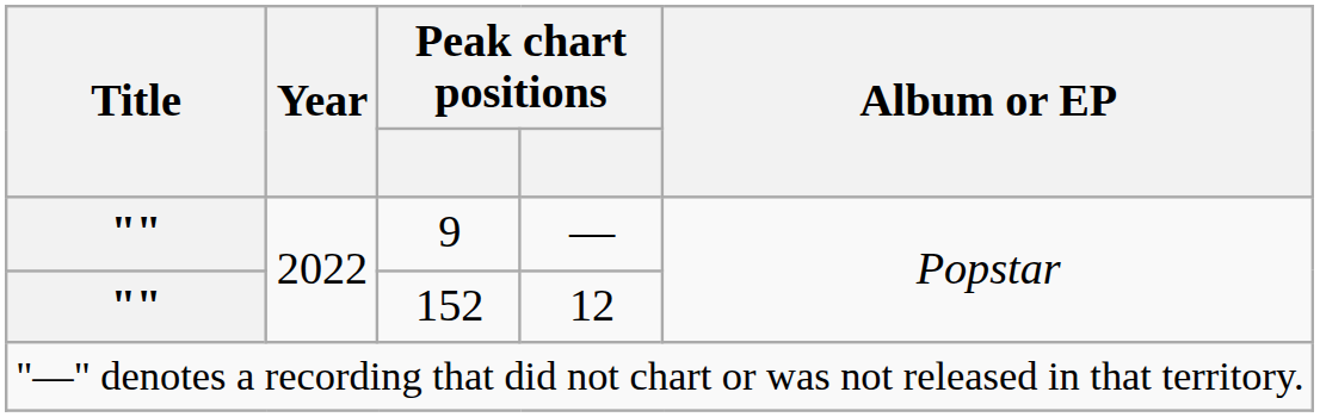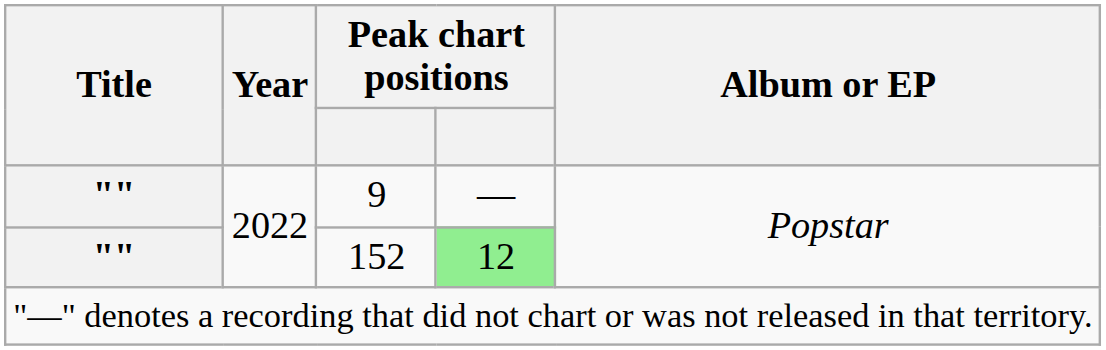 <table class="wikitable plainrowheaders" style="text-align:center;">
 <tr>
 <th scope="col" rowspan="2">Title</th>
 <th scope="col" rowspan="2" style="width:1em;">Year</th>
 <th colspan="2">Peak chart positions</th>
 <th scope="col" rowspan="2">Album or EP</th>
 </tr>
 <tr>
 <th scope="col" style="width:3em;font-size:90%;"><a href='#'></a><br></th>
 <th scope="col" style="width:3em;font-size:90%;"><a href='#'></a><br></th>
 </tr>
 <tr>
 <th scope="row">""</th>
 <td rowspan="2">2022</td>
 <td>9</td>
 <td>—</td>
 <td rowspan="2"><em>Popstar</em></td>
 </tr>
 <tr>
 <th scope="row">""</th>
 <td>152</td>
-<td>12</td>
+<td style="background: lightgreen;">12</td>
 </tr>
 <tr>
 <td colspan="5" style="font-size:90%">"—" denotes a recording that did not chart or was not released in that territory.</td>
 </tr>
 </table>
